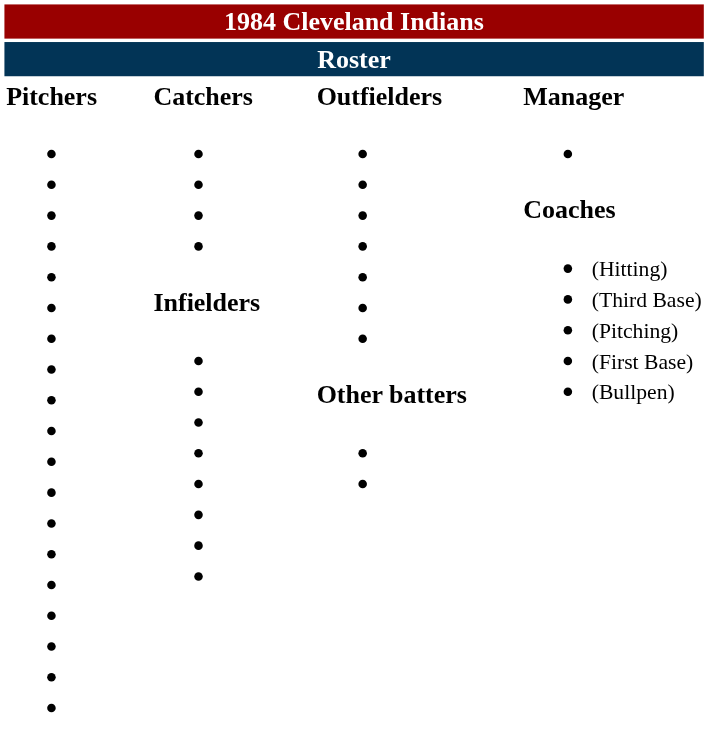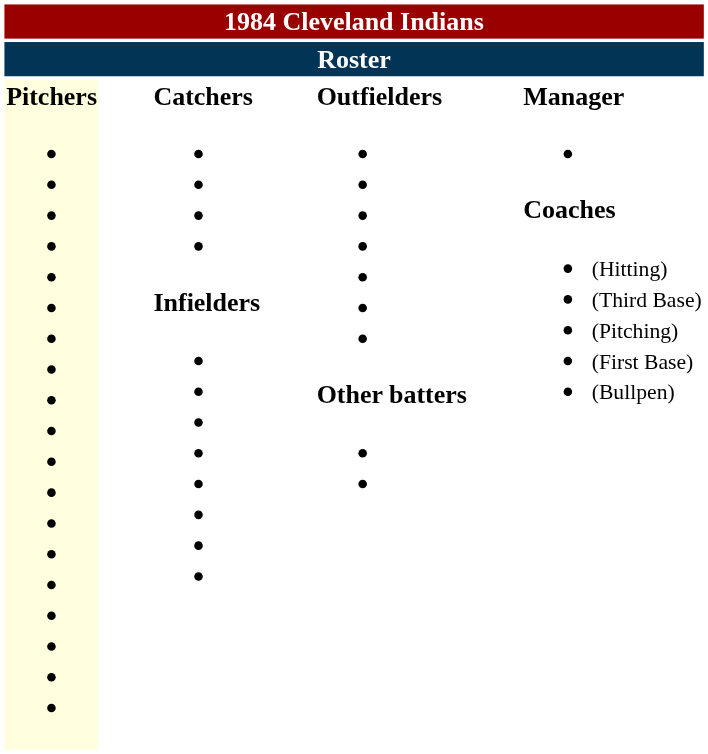 <table class="toccolours" style="font-size: 95%;">
 <tr>
 <th colspan="10" style="background-color: #990000; color: white; text-align: center;">1984 Cleveland Indians</th>
 </tr>
 <tr>
 <td colspan="10" style="background-color: #023456; color: white; text-align: center;"><strong>Roster</strong></td>
 </tr>
 <tr>
-<td valign="top"><strong>Pitchers</strong><br><ul><li></li><li></li><li></li><li></li><li></li><li></li><li></li><li></li><li></li><li></li><li></li><li></li><li></li><li></li><li></li><li></li><li></li><li></li><li></li></ul></td>
+<td valign="top" style="background: lightyellow;"><strong>Pitchers</strong><br><ul><li></li><li></li><li></li><li></li><li></li><li></li><li></li><li></li><li></li><li></li><li></li><li></li><li></li><li></li><li></li><li></li><li></li><li></li><li></li></ul></td>
 <td width="25px"></td>
 <td valign="top"><strong>Catchers</strong><br><ul><li></li><li></li><li></li><li></li></ul><strong>Infielders</strong><ul><li></li><li></li><li></li><li></li><li></li><li></li><li></li><li></li></ul></td>
 <td width="25px"></td>
 <td valign="top"><strong>Outfielders</strong><br><ul><li></li><li></li><li></li><li></li><li></li><li></li><li></li></ul><strong>Other batters</strong><ul><li></li><li></li></ul></td>
 <td width="25px"></td>
 <td valign="top"><strong>Manager</strong><br><ul><li></li></ul><strong>Coaches</strong><ul><li> <small>(Hitting)</small></li><li> <small>(Third Base)</small></li><li> <small>(Pitching)</small></li><li> <small>(First Base)</small></li><li> <small>(Bullpen)</small></li></ul></td>
 </tr>
 </table>
